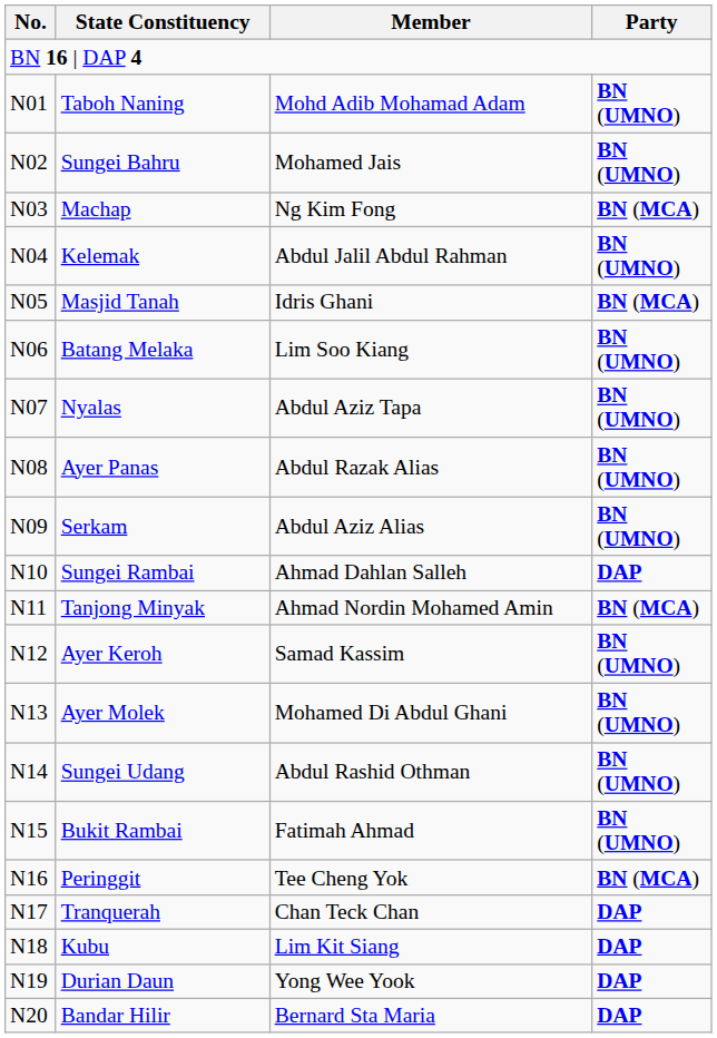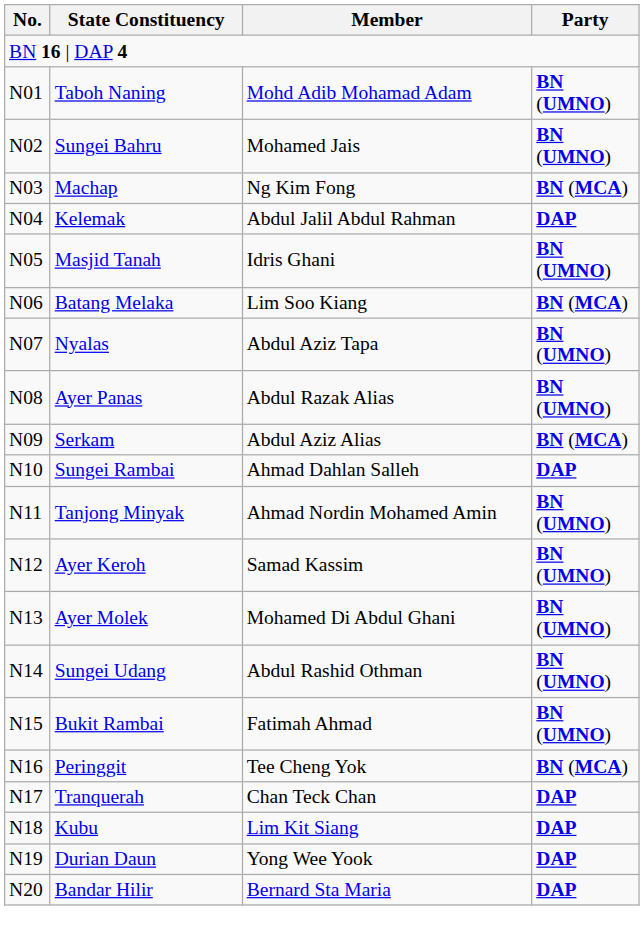 <table class="wikitable sortable">
 <tr>
 <th style="width:30px;">No.</th>
 <th style="width:150px;">State Constituency</th>
 <th style="width:230px;">Member</th>
 <th style="width:80px;">Party</th>
 </tr>
 <tr>
 <td colspan="4"><a href='#'>BN</a> <strong>16</strong> | <a href='#'>DAP</a> <strong>4</strong></td>
 </tr>
 <tr>
 <td>N01</td>
 <td><a href='#'>Taboh Naning</a></td>
 <td><a href='#'>Mohd Adib Mohamad Adam</a></td>
 <td><strong><a href='#'>BN</a></strong> (<strong><a href='#'>UMNO</a></strong>)</td>
 </tr>
 <tr>
 <td>N02</td>
 <td><a href='#'>Sungei Bahru</a></td>
 <td>Mohamed Jais</td>
 <td><strong><a href='#'>BN</a></strong> (<strong><a href='#'>UMNO</a></strong>)</td>
 </tr>
 <tr>
 <td>N03</td>
 <td><a href='#'>Machap</a></td>
 <td>Ng Kim Fong</td>
 <td><strong><a href='#'>BN</a></strong> (<strong><a href='#'>MCA</a></strong>)</td>
 </tr>
 <tr>
 <td>N04</td>
 <td><a href='#'>Kelemak</a></td>
 <td>Abdul Jalil Abdul Rahman</td>
-<td><strong><a href='#'>BN</a></strong> (<strong><a href='#'>UMNO</a></strong>)</td>
+<td><strong><a href='#'>DAP</a></strong></td>
 </tr>
 <tr>
 <td>N05</td>
 <td><a href='#'>Masjid Tanah</a></td>
 <td>Idris Ghani</td>
-<td><strong><a href='#'>BN</a></strong> (<strong><a href='#'>MCA</a></strong>)</td>
+<td><strong><a href='#'>BN</a></strong> (<strong><a href='#'>UMNO</a></strong>)</td>
 </tr>
 <tr>
 <td>N06</td>
 <td><a href='#'>Batang Melaka</a></td>
 <td>Lim Soo Kiang</td>
-<td><strong><a href='#'>BN</a></strong> (<strong><a href='#'>UMNO</a></strong>)</td>
+<td><strong><a href='#'>BN</a></strong> (<strong><a href='#'>MCA</a></strong>)</td>
 </tr>
 <tr>
 <td>N07</td>
 <td><a href='#'>Nyalas</a></td>
 <td>Abdul Aziz Tapa</td>
 <td><strong><a href='#'>BN</a></strong> (<strong><a href='#'>UMNO</a></strong>)</td>
 </tr>
 <tr>
 <td>N08</td>
 <td><a href='#'>Ayer Panas</a></td>
 <td>Abdul Razak Alias</td>
 <td><strong><a href='#'>BN</a></strong> (<strong><a href='#'>UMNO</a></strong>)</td>
 </tr>
 <tr>
 <td>N09</td>
 <td><a href='#'>Serkam</a></td>
 <td>Abdul Aziz Alias</td>
-<td><strong><a href='#'>BN</a></strong> (<strong><a href='#'>UMNO</a></strong>)</td>
+<td><strong><a href='#'>BN</a></strong> (<strong><a href='#'>MCA</a></strong>)</td>
 </tr>
 <tr>
 <td>N10</td>
 <td><a href='#'>Sungei Rambai</a></td>
 <td>Ahmad Dahlan Salleh</td>
 <td><strong><a href='#'>DAP</a></strong></td>
 </tr>
 <tr>
 <td>N11</td>
 <td><a href='#'>Tanjong Minyak</a></td>
 <td>Ahmad Nordin Mohamed Amin</td>
-<td><strong><a href='#'>BN</a></strong> (<strong><a href='#'>MCA</a></strong>)</td>
+<td><strong><a href='#'>BN</a></strong> (<strong><a href='#'>UMNO</a></strong>)</td>
 </tr>
 <tr>
 <td>N12</td>
 <td><a href='#'>Ayer Keroh</a></td>
 <td>Samad Kassim</td>
 <td><strong><a href='#'>BN</a></strong> (<strong><a href='#'>UMNO</a></strong>)</td>
 </tr>
 <tr>
 <td>N13</td>
 <td><a href='#'>Ayer Molek</a></td>
 <td>Mohamed Di Abdul Ghani</td>
 <td><strong><a href='#'>BN</a></strong> (<strong><a href='#'>UMNO</a></strong>)</td>
 </tr>
 <tr>
 <td>N14</td>
 <td><a href='#'>Sungei Udang</a></td>
 <td>Abdul Rashid Othman</td>
 <td><strong><a href='#'>BN</a></strong> (<strong><a href='#'>UMNO</a></strong>)</td>
 </tr>
 <tr>
 <td>N15</td>
 <td><a href='#'>Bukit Rambai</a></td>
 <td>Fatimah Ahmad</td>
 <td><strong><a href='#'>BN</a></strong> (<strong><a href='#'>UMNO</a></strong>)</td>
 </tr>
 <tr>
 <td>N16</td>
 <td><a href='#'>Peringgit</a></td>
 <td>Tee Cheng Yok</td>
 <td><strong><a href='#'>BN</a></strong> (<strong><a href='#'>MCA</a></strong>)</td>
 </tr>
 <tr>
 <td>N17</td>
 <td><a href='#'>Tranquerah</a></td>
 <td>Chan Teck Chan</td>
 <td><strong><a href='#'>DAP</a></strong></td>
 </tr>
 <tr>
 <td>N18</td>
 <td><a href='#'>Kubu</a></td>
 <td><a href='#'>Lim Kit Siang</a></td>
 <td><strong><a href='#'>DAP</a></strong></td>
 </tr>
 <tr>
 <td>N19</td>
 <td><a href='#'>Durian Daun</a></td>
 <td>Yong Wee Yook</td>
 <td><strong><a href='#'>DAP</a></strong></td>
 </tr>
 <tr>
 <td>N20</td>
 <td><a href='#'>Bandar Hilir</a></td>
 <td><a href='#'>Bernard Sta Maria</a></td>
 <td><strong><a href='#'>DAP</a></strong></td>
 </tr>
 </table>
